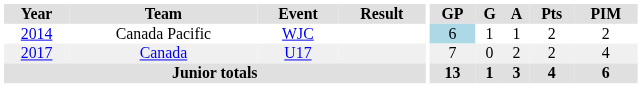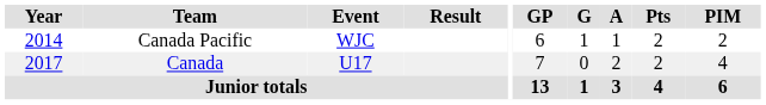 <table border="0" cellpadding="1" cellspacing="0" ID="Table3" style="text-align:center; width:40em">
 <tr ALIGN="center" bgcolor="#e0e0e0">
 <th>Year</th>
 <th>Team</th>
 <th>Event</th>
 <th>Result</th>
 <th rowspan="99" bgcolor="#ffffff"></th>
 <th>GP</th>
 <th>G</th>
 <th>A</th>
 <th>Pts</th>
 <th>PIM</th>
 </tr>
 <tr>
 <td><a href='#'>2014</a></td>
 <td>Canada Pacific</td>
 <td><a href='#'>WJC</a></td>
 <td></td>
-<td style="background: lightblue;">6</td>
+<td>6</td>
 <td>1</td>
 <td>1</td>
 <td>2</td>
 <td>2</td>
 </tr>
 <tr bgcolor="#f0f0f0">
 <td><a href='#'>2017</a></td>
 <td><a href='#'>Canada</a></td>
 <td><a href='#'>U17</a></td>
 <td></td>
 <td>7</td>
 <td>0</td>
 <td>2</td>
 <td>2</td>
 <td>4</td>
 </tr>
 <tr bgcolor="#e0e0e0">
 <th colspan="4">Junior totals</th>
 <th>13</th>
 <th>1</th>
 <th>3</th>
 <th>4</th>
 <th>6</th>
 </tr>
 </table>
